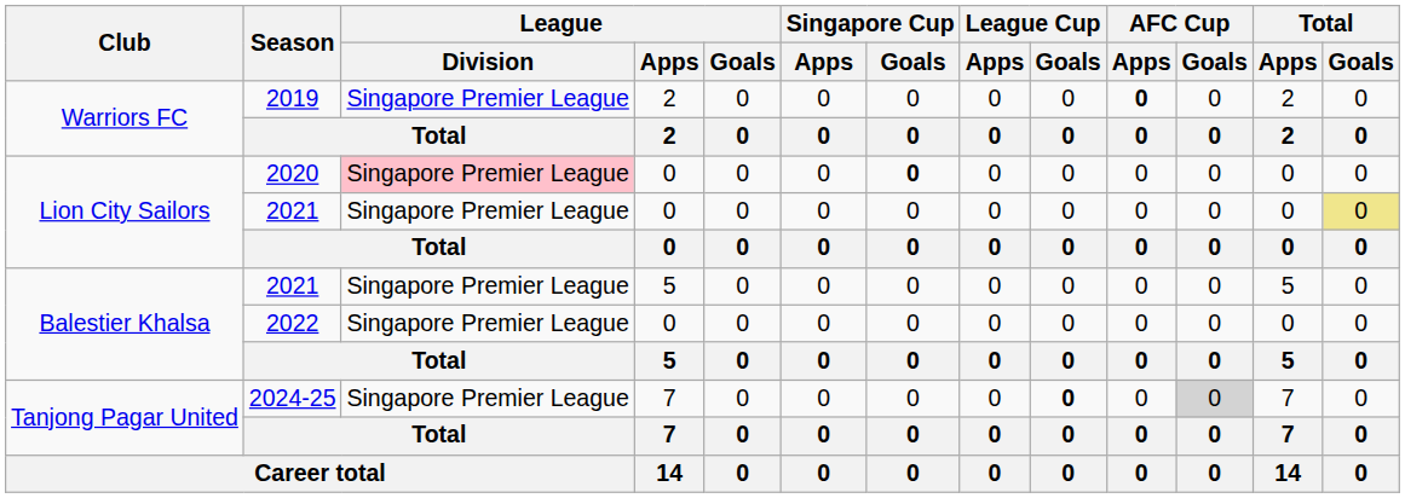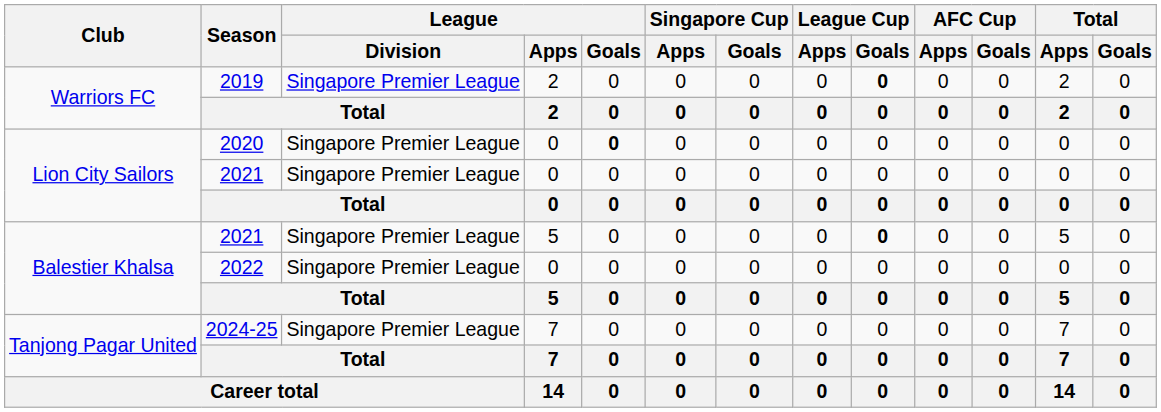 <table class="wikitable" style="text-align: center">
 <tr>
 <th rowspan="2">Club</th>
 <th rowspan="2">Season</th>
 <th colspan="3">League</th>
 <th colspan="2">Singapore Cup</th>
 <th colspan="2">League Cup</th>
 <th colspan="2">AFC Cup</th>
 <th colspan="2">Total</th>
 </tr>
 <tr>
 <th>Division</th>
 <th>Apps</th>
 <th>Goals</th>
 <th>Apps</th>
 <th>Goals</th>
 <th>Apps</th>
 <th>Goals</th>
 <th>Apps</th>
 <th>Goals</th>
 <th>Apps</th>
 <th>Goals</th>
 </tr>
 <tr>
 <td rowspan="2"><a href='#'>Warriors FC</a></td>
 <td><a href='#'>2019</a></td>
 <td><a href='#'>Singapore Premier League</a></td>
 <td>2</td>
 <td>0</td>
 <td>0</td>
 <td>0</td>
 <td>0</td>
+<td><strong>0</strong></td>
 <td>0</td>
-<td><strong>0</strong></td>
 <td>0</td>
 <td>2</td>
 <td>0</td>
 </tr>
 <tr>
 <th colspan=2>Total</th>
 <th>2</th>
 <th>0</th>
 <th>0</th>
 <th>0</th>
 <th>0</th>
 <th>0</th>
 <th>0</th>
 <th>0</th>
 <th>2</th>
 <th>0</th>
 </tr>
 <tr>
 <td rowspan="3"><a href='#'>Lion City Sailors</a></td>
 <td><a href='#'>2020</a></td>
-<td style="background: pink;">Singapore Premier League</td>
+<td>Singapore Premier League</td>
+<td>0</td>
+<td><strong>0</strong></td>
 <td>0</td>
 <td>0</td>
-<td>0</td>
-<td><strong>0</strong></td>
 <td>0</td>
 <td>0</td>
 <td>0</td>
 <td>0</td>
 <td>0</td>
 <td>0</td>
 </tr>
 <tr>
 <td><a href='#'>2021</a></td>
 <td>Singapore Premier League</td>
 <td>0</td>
 <td>0</td>
 <td>0</td>
 <td>0</td>
 <td>0</td>
 <td>0</td>
 <td>0</td>
 <td>0</td>
 <td>0</td>
-<td style="background: khaki;">0</td>
+<td>0</td>
 </tr>
 <tr>
 <th colspan=2>Total</th>
 <th>0</th>
 <th>0</th>
 <th>0</th>
 <th>0</th>
 <th>0</th>
 <th>0</th>
 <th>0</th>
 <th>0</th>
 <th>0</th>
 <th>0</th>
 </tr>
 <tr>
 <td rowspan="3"><a href='#'>Balestier Khalsa</a></td>
 <td><a href='#'>2021</a></td>
 <td>Singapore Premier League</td>
 <td>5</td>
 <td>0</td>
 <td>0</td>
 <td>0</td>
 <td>0</td>
-<td>0</td>
+<td><strong>0</strong></td>
 <td>0</td>
 <td>0</td>
 <td>5</td>
 <td>0</td>
 </tr>
 <tr>
 <td><a href='#'>2022</a></td>
 <td>Singapore Premier League</td>
 <td>0</td>
 <td>0</td>
 <td>0</td>
 <td>0</td>
 <td>0</td>
 <td>0</td>
 <td>0</td>
 <td>0</td>
 <td>0</td>
 <td>0</td>
 </tr>
 <tr>
 <th colspan=2>Total</th>
 <th>5</th>
 <th>0</th>
 <th>0</th>
 <th>0</th>
 <th>0</th>
 <th>0</th>
 <th>0</th>
 <th>0</th>
 <th>5</th>
 <th>0</th>
 </tr>
 <tr>
 <td rowspan="2"><a href='#'>Tanjong Pagar United</a></td>
 <td><a href='#'>2024-25</a></td>
 <td>Singapore Premier League</td>
 <td>7</td>
 <td>0</td>
 <td>0</td>
 <td>0</td>
 <td>0</td>
-<td><strong>0</strong></td>
 <td>0</td>
-<td style="background: lightgrey;">0</td>
+<td>0</td>
+<td>0</td>
 <td>7</td>
 <td>0</td>
 </tr>
 <tr>
 <th colspan=2>Total</th>
 <th>7</th>
 <th>0</th>
 <th>0</th>
 <th>0</th>
 <th>0</th>
 <th>0</th>
 <th>0</th>
 <th>0</th>
 <th>7</th>
 <th>0</th>
 </tr>
 <tr>
 <th colspan=3>Career total</th>
 <th>14</th>
 <th>0</th>
 <th>0</th>
 <th>0</th>
 <th>0</th>
 <th>0</th>
 <th>0</th>
 <th>0</th>
 <th>14</th>
 <th>0</th>
 </tr>
 </table>
